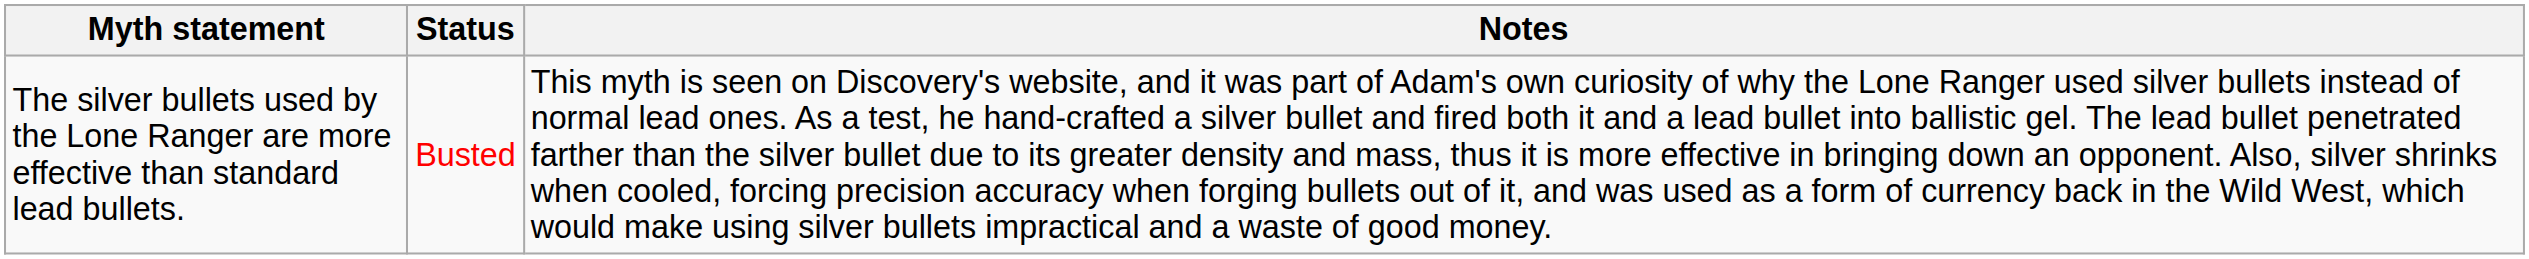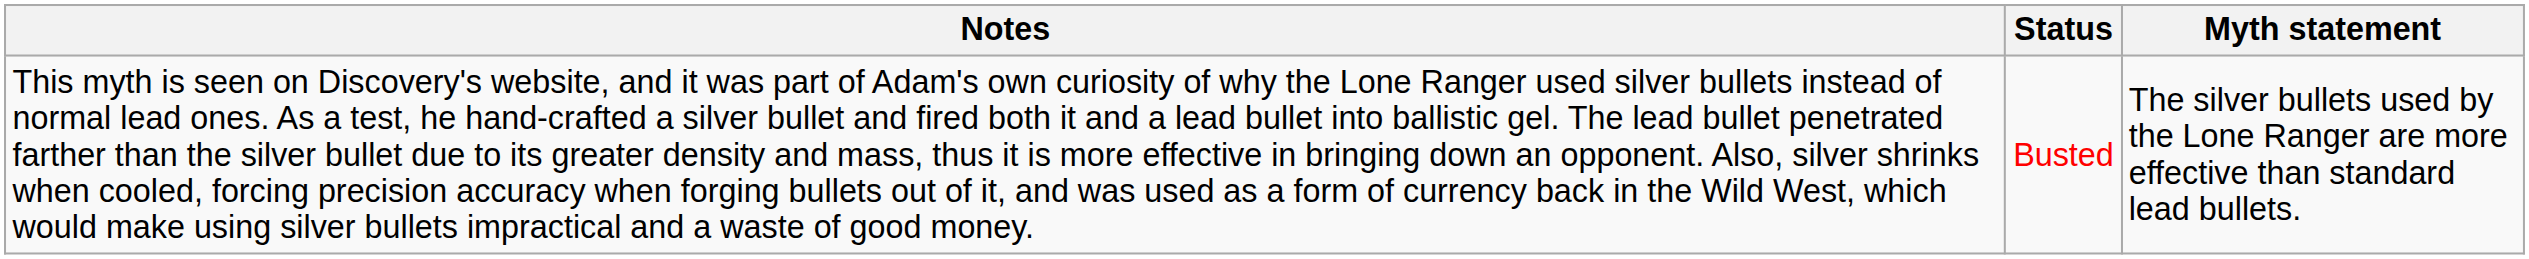 <table class="wikitable plainrowheaders">
 <tr>
+<th>Notes</th>
+<th>Status</th>
 <th>Myth statement</th>
-<th>Status</th>
-<th>Notes</th>
 </tr>
 <tr>
+<td>This myth is seen on Discovery's website, and it was part of Adam's own curiosity of why the Lone Ranger used silver bullets instead of normal lead ones. As a test, he hand-crafted a silver bullet and fired both it and a lead bullet into ballistic gel. The lead bullet penetrated farther than the silver bullet due to its greater density and mass, thus it is more effective in bringing down an opponent. Also, silver shrinks when cooled, forcing precision accuracy when forging bullets out of it, and was used as a form of currency back in the Wild West, which would make using silver bullets impractical and a waste of good money.</td>
+<td style="color:red">Busted</td>
 <td>The silver bullets used by the Lone Ranger are more effective than standard lead bullets.</td>
-<td style="color:red">Busted</td>
-<td>This myth is seen on Discovery's website, and it was part of Adam's own curiosity of why the Lone Ranger used silver bullets instead of normal lead ones. As a test, he hand-crafted a silver bullet and fired both it and a lead bullet into ballistic gel. The lead bullet penetrated farther than the silver bullet due to its greater density and mass, thus it is more effective in bringing down an opponent. Also, silver shrinks when cooled, forcing precision accuracy when forging bullets out of it, and was used as a form of currency back in the Wild West, which would make using silver bullets impractical and a waste of good money.</td>
 </tr>
 </table>
